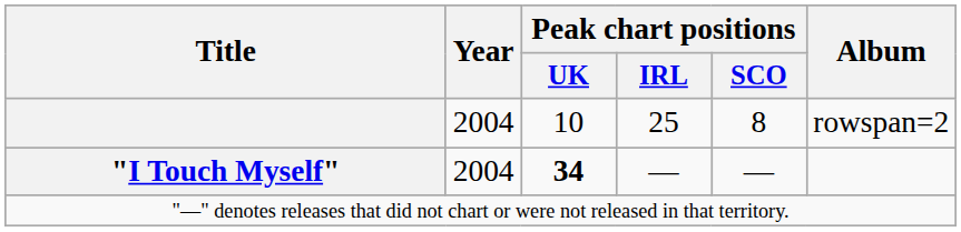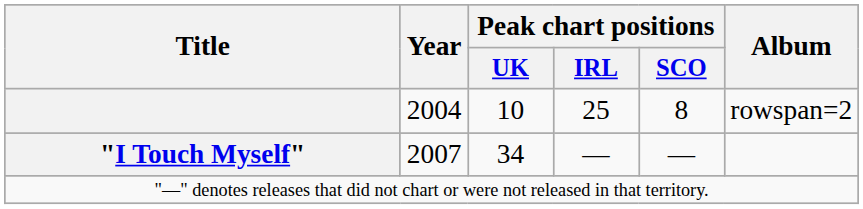 <table class="wikitable plainrowheaders" style="text-align:center;">
 <tr>
 <th scope="col" rowspan="2" style="width:14em;">Title</th>
 <th scope="col" rowspan="2">Year</th>
 <th scope="col" colspan="3">Peak chart positions</th>
 <th scope="col" rowspan="2">Album</th>
 </tr>
 <tr>
 <th scope="col" style="width:3em;font-size:90%;"><a href='#'>UK</a><br></th>
 <th scope="col" style="width:3em;font-size:90%;"><a href='#'>IRL</a><br></th>
 <th scope="col" style="width:3em;font-size:90%;"><a href='#'>SCO</a><br></th>
 </tr>
 <tr>
 <th scope="row"></th>
 <td>2004</td>
 <td>10</td>
 <td>25</td>
 <td>8</td>
 <td>rowspan=2 </td>
 </tr>
 <tr>
 <th scope="row">"<a href='#'>I Touch Myself</a>"</th>
-<td>2004</td>
-<td><strong>34</strong></td>
+<td>2007</td>
+<td>34</td>
 <td>—</td>
 <td>—</td>
 </tr>
 <tr>
 <td colspan="15" style="text-align:center; font-size:8pt;">"—" denotes releases that did not chart or were not released in that territory.</td>
 </tr>
 </table>
